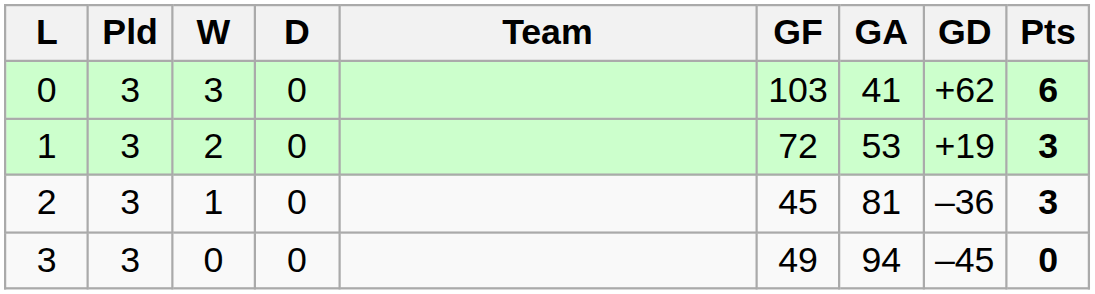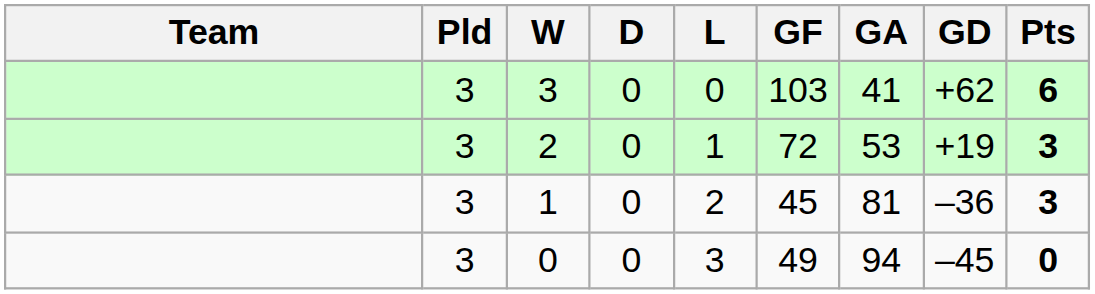 <table class="wikitable" style="text-align: center;">
 <tr>
-<th width="30">L</th>
+<th width="180">Team</th>
 <th width="30">Pld</th>
 <th width="30">W</th>
 <th width="30">D</th>
-<th width="180">Team</th>
+<th width="30">L</th>
 <th width="30">GF</th>
 <th width="30">GA</th>
 <th width="30">GD</th>
 <th width="30">Pts</th>
 </tr>
 <tr bgcolor=#CCFFCC>
-<td>0</td>
+<td align="left"></td>
 <td>3</td>
 <td>3</td>
 <td>0</td>
-<td align="left"></td>
+<td>0</td>
 <td>103</td>
 <td>41</td>
 <td>+62</td>
 <td><strong>6</strong></td>
 </tr>
 <tr bgcolor=#CCFFCC>
-<td>1</td>
+<td align="left"></td>
 <td>3</td>
 <td>2</td>
 <td>0</td>
-<td align="left"></td>
+<td>1</td>
 <td>72</td>
 <td>53</td>
 <td>+19</td>
 <td><strong>3</strong></td>
 </tr>
 <tr>
-<td>2</td>
+<td align="left"></td>
 <td>3</td>
 <td>1</td>
 <td>0</td>
-<td align="left"></td>
+<td>2</td>
 <td>45</td>
 <td>81</td>
 <td>–36</td>
 <td><strong>3</strong></td>
 </tr>
 <tr>
-<td>3</td>
+<td align="left"></td>
 <td>3</td>
 <td>0</td>
 <td>0</td>
-<td align="left"></td>
+<td>3</td>
 <td>49</td>
 <td>94</td>
 <td>–45</td>
 <td><strong>0</strong></td>
 </tr>
 </table>
